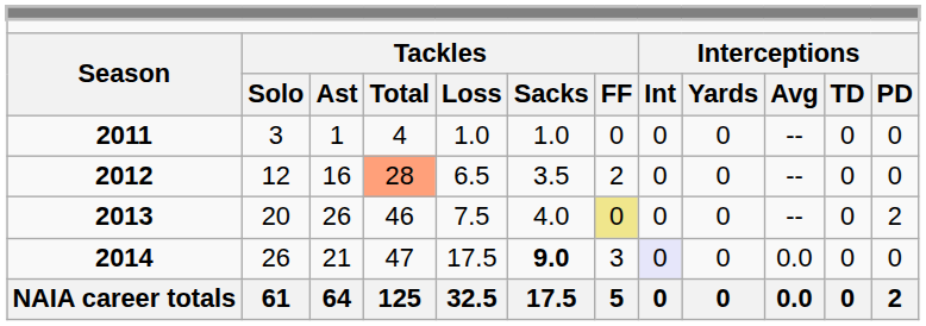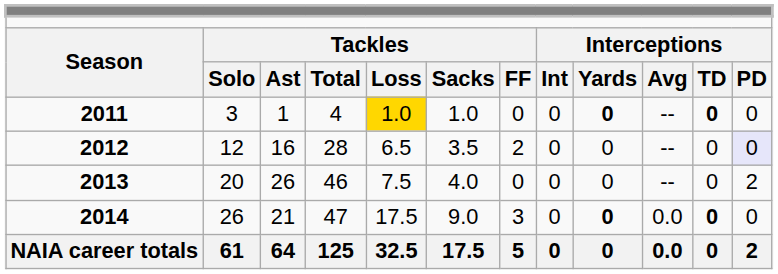 <table class=wikitable style="text-align:center;">
 <tr>
 <td ! colspan=15 style="background:gray; border:2px solid silver; color:white;"></td>
 </tr>
 <tr>
 <td ! colspan=15></td>
 </tr>
 <tr>
 <th rowspan=2>Season</th>
 <th colspan=6>Tackles</th>
 <th colspan=5>Interceptions</th>
 </tr>
 <tr>
 <th>Solo</th>
 <th>Ast</th>
 <th>Total</th>
 <th>Loss</th>
 <th>Sacks</th>
 <th>FF</th>
 <th>Int</th>
 <th>Yards</th>
 <th>Avg</th>
 <th>TD</th>
 <th>PD</th>
 </tr>
 <tr>
 <td><strong>2011</strong></td>
 <td>3</td>
 <td>1</td>
 <td>4</td>
-<td>1.0</td>
+<td style="background: gold;">1.0</td>
 <td>1.0</td>
 <td>0</td>
 <td>0</td>
-<td>0</td>
+<td><strong>0</strong></td>
 <td>--</td>
-<td>0</td>
+<td><strong>0</strong></td>
 <td>0</td>
 </tr>
 <tr>
 <td><strong>2012</strong></td>
 <td>12</td>
 <td>16</td>
-<td style="background: lightsalmon;">28</td>
+<td>28</td>
 <td>6.5</td>
 <td>3.5</td>
 <td>2</td>
 <td>0</td>
 <td>0</td>
 <td>--</td>
 <td>0</td>
-<td>0</td>
+<td style="background: lavender;">0</td>
 </tr>
 <tr>
 <td><strong>2013</strong></td>
 <td>20</td>
 <td>26</td>
 <td>46</td>
 <td>7.5</td>
 <td>4.0</td>
-<td style="background: khaki;">0</td>
+<td>0</td>
 <td>0</td>
 <td>0</td>
 <td>--</td>
 <td>0</td>
 <td>2</td>
 </tr>
 <tr>
 <td><strong>2014</strong></td>
 <td>26</td>
 <td>21</td>
 <td>47</td>
 <td>17.5</td>
-<td><strong>9.0</strong></td>
+<td>9.0</td>
 <td>3</td>
-<td style="background: lavender;">0</td>
 <td>0</td>
+<td><strong>0</strong></td>
 <td>0.0</td>
-<td>0</td>
+<td><strong>0</strong></td>
 <td>0</td>
 </tr>
 <tr>
 <th>NAIA career totals</th>
 <th>61</th>
 <th>64</th>
 <th>125</th>
 <th>32.5</th>
 <th>17.5</th>
 <th>5</th>
 <th>0</th>
 <th>0</th>
 <th>0.0</th>
 <th>0</th>
 <th>2</th>
 </tr>
 </table>
